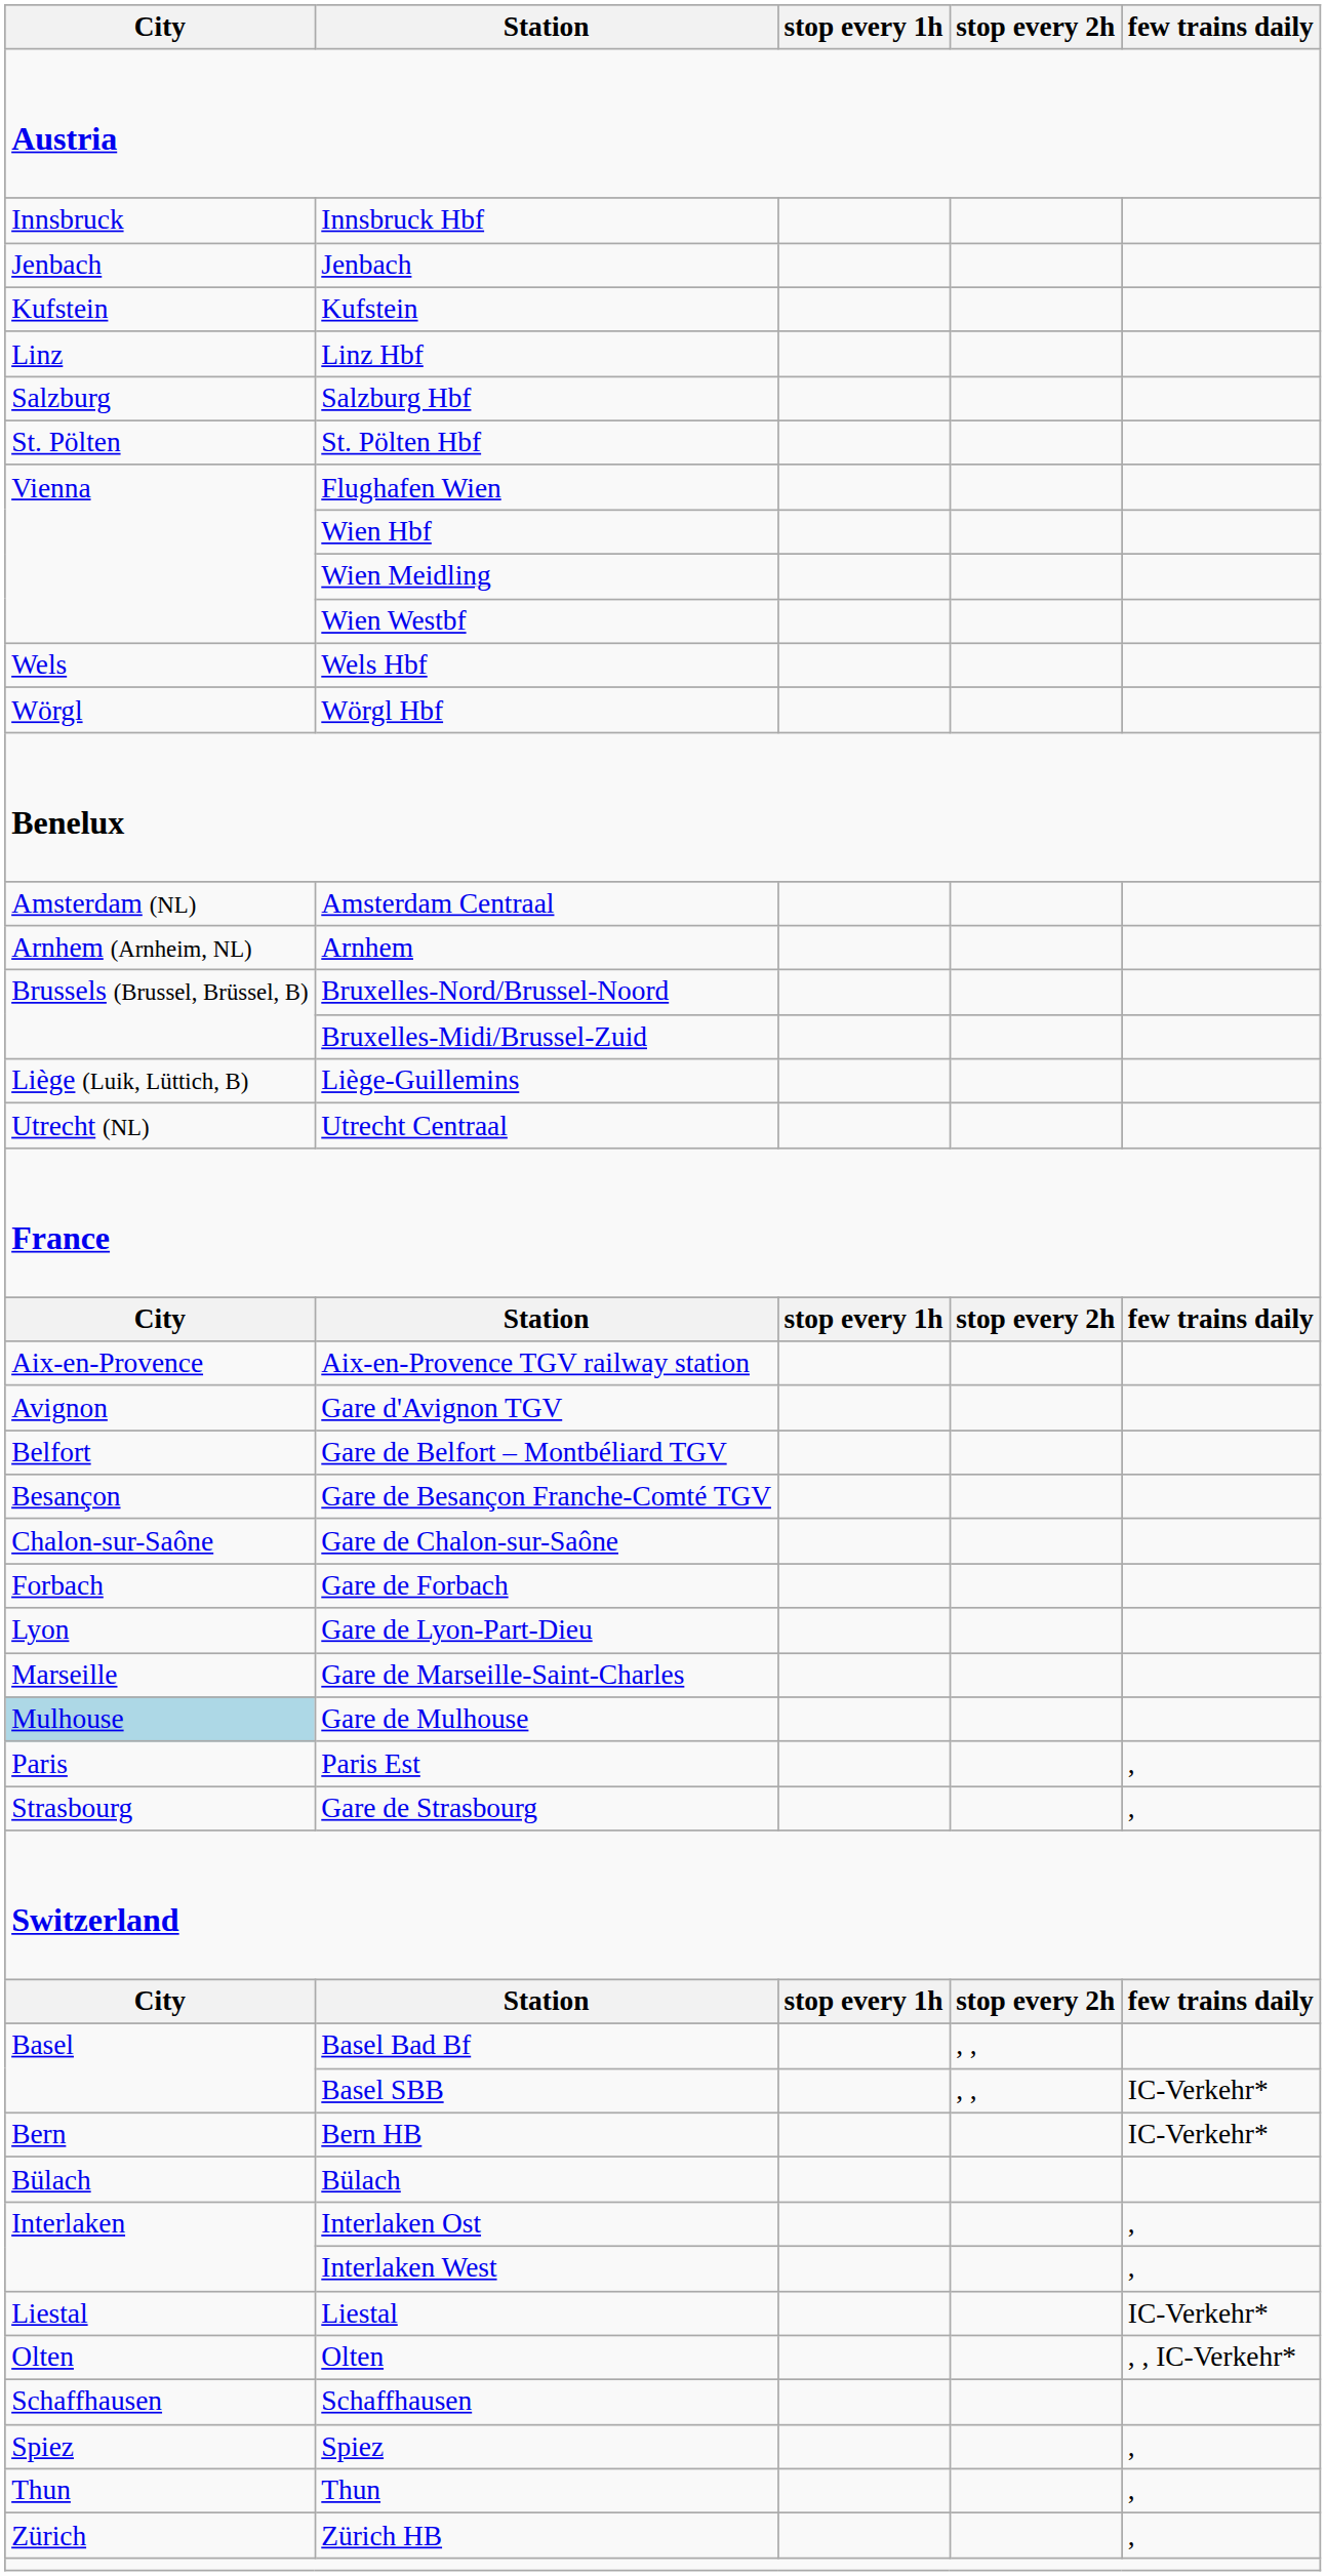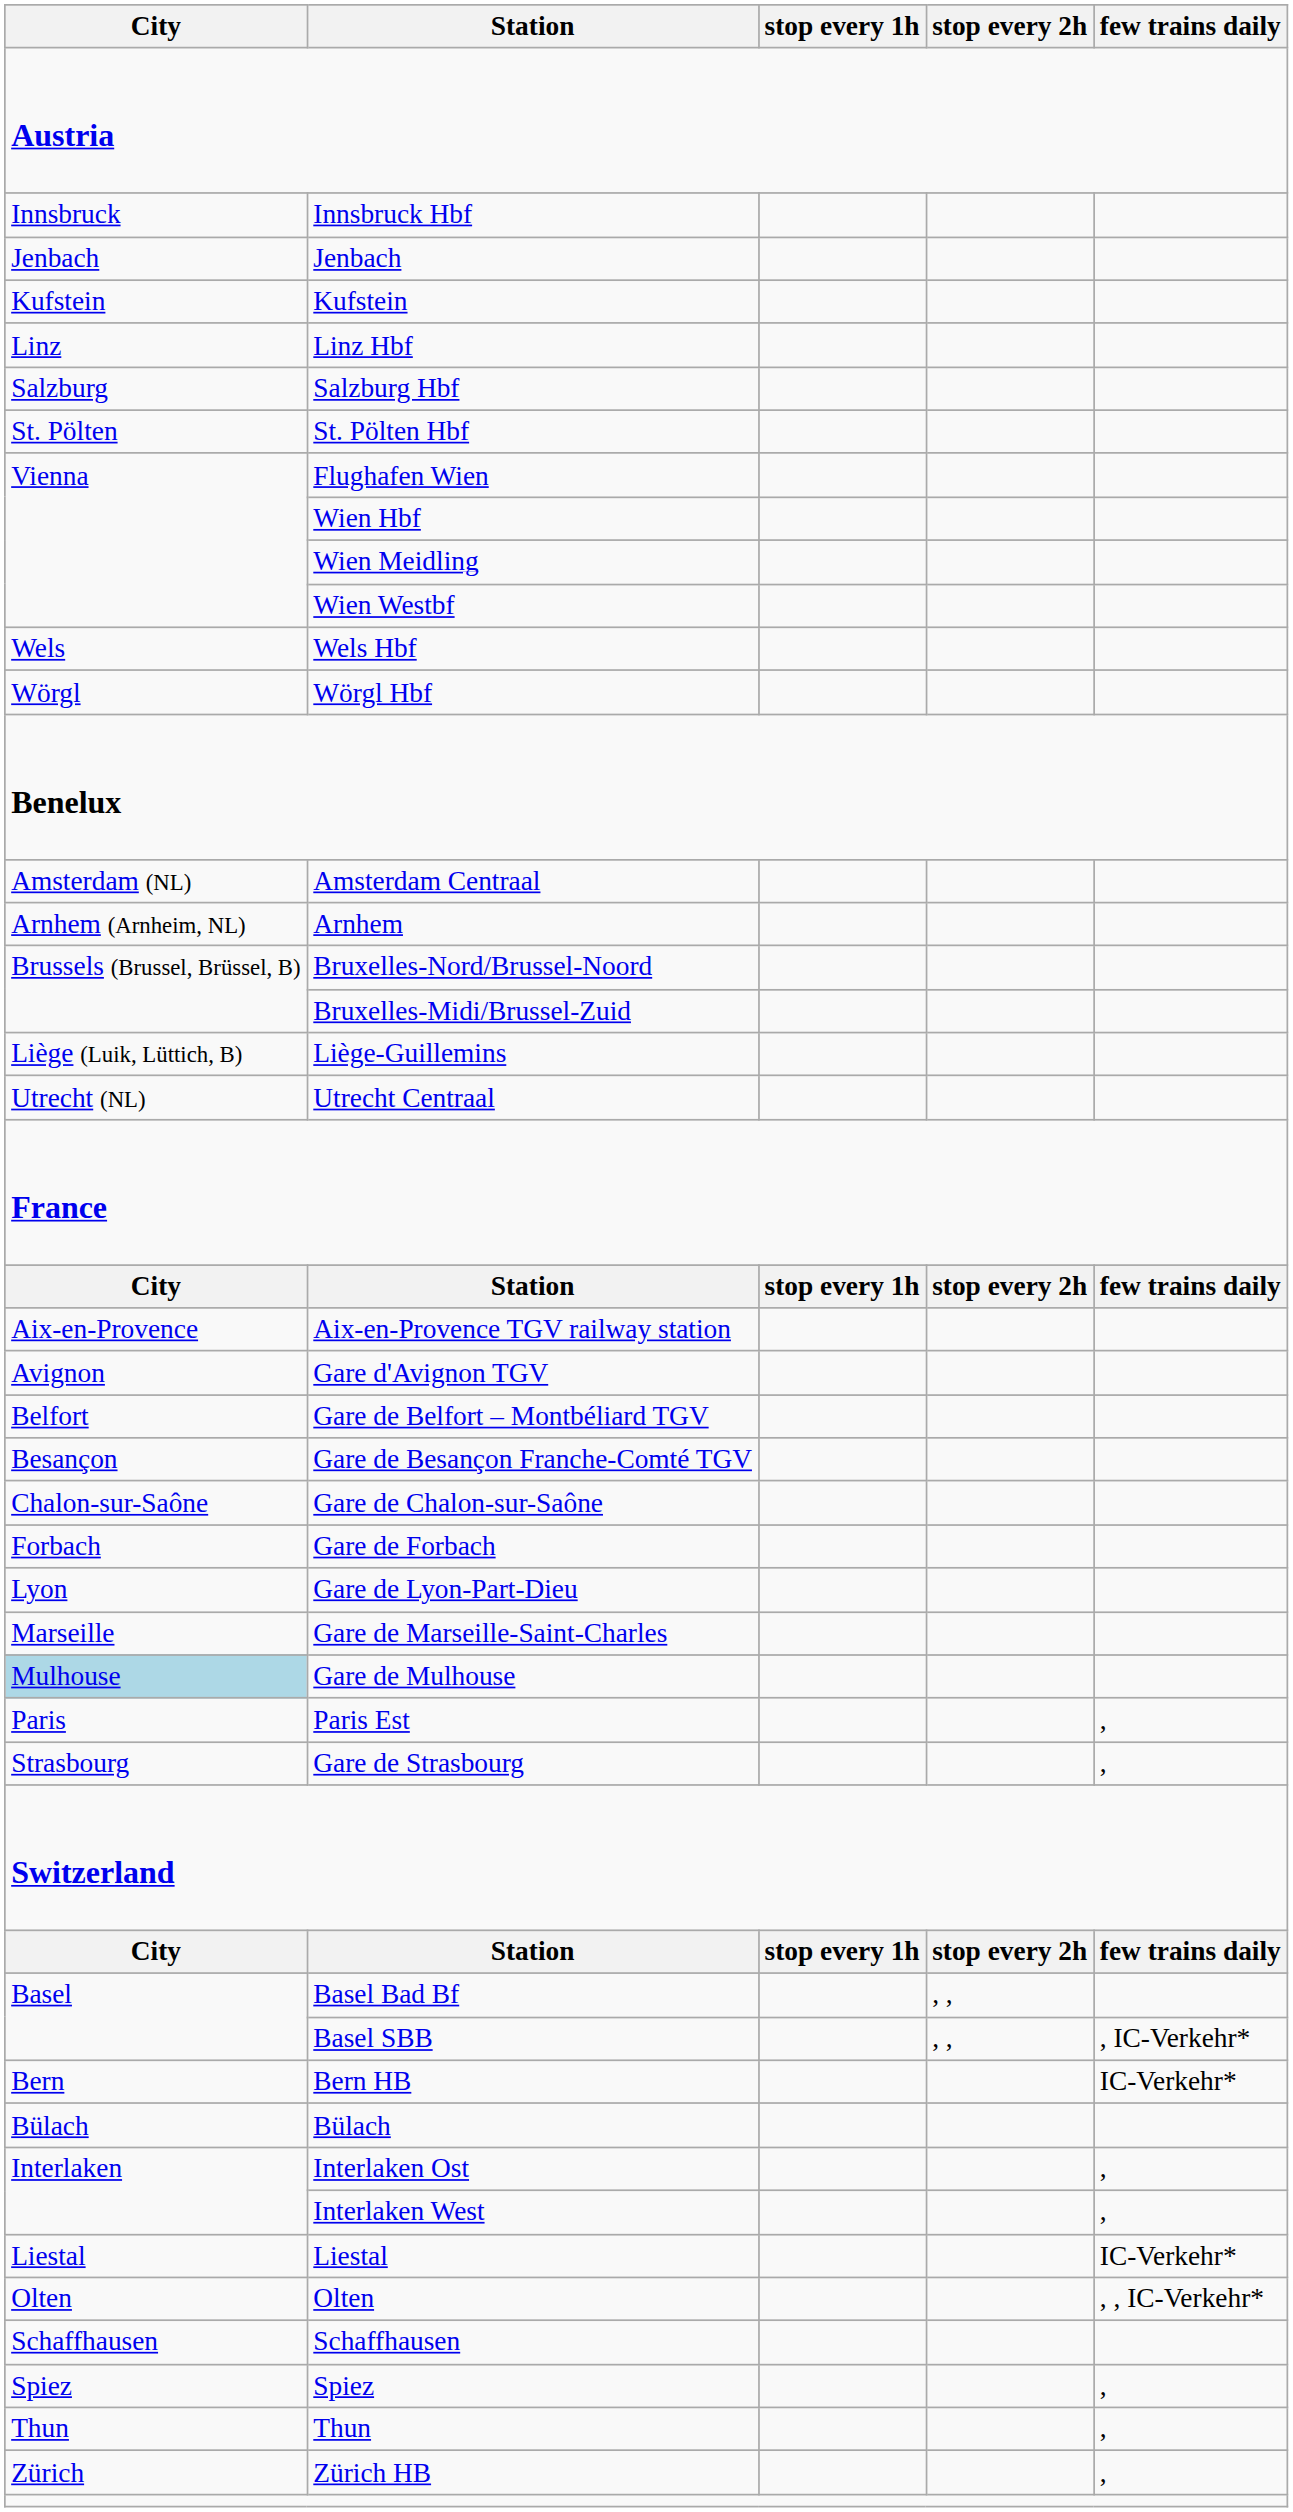 <table class="wikitable">
 <tr>
 <th valign="top">City</th>
 <th valign="top">Station</th>
 <th valign="top">stop every 1h</th>
 <th valign="top">stop every 2h</th>
 <th valign="top">few trains daily</th>
 </tr>
 <tr>
 <td colspan="5"><br><h3><a href='#'>Austria</a></h3></td>
 </tr>
 <tr>
 <td><a href='#'>Innsbruck</a></td>
 <td><a href='#'>Innsbruck Hbf</a></td>
 <td></td>
 <td></td>
 <td></td>
 </tr>
 <tr>
 <td><a href='#'>Jenbach</a></td>
 <td><a href='#'>Jenbach</a></td>
 <td></td>
 <td></td>
 <td></td>
 </tr>
 <tr>
 <td><a href='#'>Kufstein</a></td>
 <td><a href='#'>Kufstein</a></td>
 <td></td>
 <td></td>
 <td></td>
 </tr>
 <tr>
 <td><a href='#'>Linz</a></td>
 <td><a href='#'>Linz Hbf</a></td>
 <td></td>
 <td></td>
 <td></td>
 </tr>
 <tr>
 <td><a href='#'>Salzburg</a></td>
 <td><a href='#'>Salzburg Hbf</a></td>
 <td></td>
 <td></td>
 <td></td>
 </tr>
 <tr>
 <td><a href='#'>St. Pölten</a></td>
 <td><a href='#'>St. Pölten Hbf</a></td>
 <td></td>
 <td></td>
 <td></td>
 </tr>
 <tr>
 <td rowspan="4" valign="top"><a href='#'>Vienna</a></td>
 <td><a href='#'>Flughafen Wien</a></td>
 <td></td>
 <td></td>
 <td></td>
 </tr>
 <tr>
 <td><a href='#'>Wien Hbf</a></td>
 <td></td>
 <td></td>
 <td></td>
 </tr>
 <tr>
 <td><a href='#'>Wien Meidling</a></td>
 <td></td>
 <td></td>
 <td></td>
 </tr>
 <tr>
 <td><a href='#'>Wien Westbf</a></td>
 <td></td>
 <td></td>
 <td></td>
 </tr>
 <tr>
 <td><a href='#'>Wels</a></td>
 <td><a href='#'>Wels Hbf</a></td>
 <td></td>
 <td></td>
 <td></td>
 </tr>
 <tr>
 <td><a href='#'>Wörgl</a></td>
 <td><a href='#'>Wörgl Hbf</a></td>
 <td></td>
 <td></td>
 <td></td>
 </tr>
 <tr>
 <td colspan="5"><br><h3>Benelux</h3></td>
 </tr>
 <tr>
 <td><a href='#'>Amsterdam</a> <small>(NL)</small></td>
 <td><a href='#'>Amsterdam Centraal</a></td>
 <td></td>
 <td></td>
 <td></td>
 </tr>
 <tr>
 <td><a href='#'>Arnhem</a> <small>(Arnheim, NL)</small></td>
 <td><a href='#'>Arnhem</a></td>
 <td></td>
 <td></td>
 <td></td>
 </tr>
 <tr>
 <td rowspan="2" valign="top"><a href='#'>Brussels</a> <small>(Brussel, Brüssel, B)</small></td>
 <td><a href='#'>Bruxelles-Nord/Brussel-Noord</a></td>
 <td></td>
 <td></td>
 <td></td>
 </tr>
 <tr>
 <td><a href='#'>Bruxelles-Midi/Brussel-Zuid</a></td>
 <td></td>
 <td></td>
 <td></td>
 </tr>
 <tr>
 <td><a href='#'>Liège</a> <small>(Luik, Lüttich, B)</small></td>
 <td><a href='#'>Liège-Guillemins</a></td>
 <td></td>
 <td></td>
 <td></td>
 </tr>
 <tr>
 <td><a href='#'>Utrecht</a> <small>(NL)</small></td>
 <td><a href='#'>Utrecht Centraal</a></td>
 <td></td>
 <td></td>
 <td></td>
 </tr>
 <tr>
 <td colspan="5"><br><h3><a href='#'>France</a></h3></td>
 </tr>
 <tr>
 <th valign="top">City</th>
 <th valign="top">Station</th>
 <th valign="top">stop every 1h</th>
 <th valign="top">stop every 2h</th>
 <th valign="top">few trains daily</th>
 </tr>
 <tr>
 <td><a href='#'>Aix-en-Provence</a></td>
 <td><a href='#'>Aix-en-Provence TGV railway station</a></td>
 <td></td>
 <td></td>
 <td></td>
 </tr>
 <tr>
 <td><a href='#'>Avignon</a></td>
 <td><a href='#'>Gare d'Avignon TGV</a></td>
 <td></td>
 <td></td>
 <td></td>
 </tr>
 <tr>
 <td><a href='#'>Belfort</a></td>
 <td><a href='#'>Gare de Belfort – Montbéliard TGV</a></td>
 <td></td>
 <td></td>
 <td></td>
 </tr>
 <tr>
 <td><a href='#'>Besançon</a></td>
 <td><a href='#'>Gare de Besançon Franche-Comté TGV</a></td>
 <td></td>
 <td></td>
 <td></td>
 </tr>
 <tr>
 <td><a href='#'>Chalon-sur-Saône</a></td>
 <td><a href='#'>Gare de Chalon-sur-Saône</a></td>
 <td></td>
 <td></td>
 <td></td>
 </tr>
 <tr>
 <td><a href='#'>Forbach</a></td>
 <td><a href='#'>Gare de Forbach</a></td>
 <td></td>
 <td></td>
 <td></td>
 </tr>
 <tr>
 <td><a href='#'>Lyon</a></td>
 <td><a href='#'>Gare de Lyon-Part-Dieu</a></td>
 <td></td>
 <td></td>
 <td></td>
 </tr>
 <tr>
 <td><a href='#'>Marseille</a></td>
 <td><a href='#'>Gare de Marseille-Saint-Charles</a></td>
 <td></td>
 <td></td>
 <td></td>
 </tr>
 <tr>
 <td style="background: lightblue;"><a href='#'>Mulhouse</a></td>
 <td><a href='#'>Gare de Mulhouse</a></td>
 <td></td>
 <td></td>
 <td></td>
 </tr>
 <tr>
 <td><a href='#'>Paris</a></td>
 <td><a href='#'>Paris Est</a></td>
 <td></td>
 <td></td>
 <td>, </td>
 </tr>
 <tr>
 <td><a href='#'>Strasbourg</a></td>
 <td><a href='#'>Gare de Strasbourg</a></td>
 <td></td>
 <td></td>
 <td>, </td>
 </tr>
 <tr>
 <td colspan="5"><br><h3><a href='#'>Switzerland</a></h3></td>
 </tr>
 <tr>
 <th valign="top">City</th>
 <th valign="top">Station</th>
 <th valign="top">stop every 1h</th>
 <th valign="top">stop every 2h</th>
 <th valign="top">few trains daily</th>
 </tr>
 <tr>
 <td rowspan="2" valign="top"><a href='#'>Basel</a></td>
 <td><a href='#'>Basel Bad Bf</a></td>
 <td></td>
 <td>, , </td>
 <td></td>
 </tr>
 <tr>
 <td><a href='#'>Basel SBB</a></td>
 <td></td>
 <td>, , </td>
-<td>IC-Verkehr*</td>
+<td>, IC-Verkehr*</td>
 </tr>
 <tr>
 <td><a href='#'>Bern</a></td>
 <td><a href='#'>Bern HB</a></td>
 <td></td>
 <td></td>
 <td>IC-Verkehr*</td>
 </tr>
 <tr>
 <td><a href='#'>Bülach</a></td>
 <td><a href='#'>Bülach</a></td>
 <td></td>
 <td></td>
 <td></td>
 </tr>
 <tr>
 <td rowspan="2" valign="top"><a href='#'>Interlaken</a></td>
 <td><a href='#'>Interlaken Ost</a></td>
 <td></td>
 <td></td>
 <td>, </td>
 </tr>
 <tr>
 <td><a href='#'>Interlaken West</a></td>
 <td></td>
 <td></td>
 <td>, </td>
 </tr>
 <tr>
 <td><a href='#'>Liestal</a></td>
 <td><a href='#'>Liestal</a></td>
 <td></td>
 <td></td>
 <td>IC-Verkehr*</td>
 </tr>
 <tr>
 <td><a href='#'>Olten</a></td>
 <td><a href='#'>Olten</a></td>
 <td></td>
 <td></td>
 <td>, , IC-Verkehr*</td>
 </tr>
 <tr>
 <td><a href='#'>Schaffhausen</a></td>
 <td><a href='#'>Schaffhausen</a></td>
 <td></td>
 <td></td>
 <td></td>
 </tr>
 <tr>
 <td><a href='#'>Spiez</a></td>
 <td><a href='#'>Spiez</a></td>
 <td></td>
 <td></td>
 <td>, </td>
 </tr>
 <tr>
 <td><a href='#'>Thun</a></td>
 <td><a href='#'>Thun</a></td>
 <td></td>
 <td></td>
 <td>, </td>
 </tr>
 <tr>
 <td><a href='#'>Zürich</a></td>
 <td><a href='#'>Zürich HB</a></td>
 <td></td>
 <td></td>
 <td>, </td>
 </tr>
 <tr>
 <td colspan="5"></td>
 </tr>
 </table>
